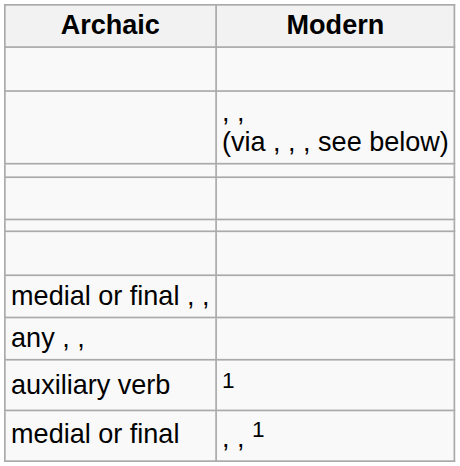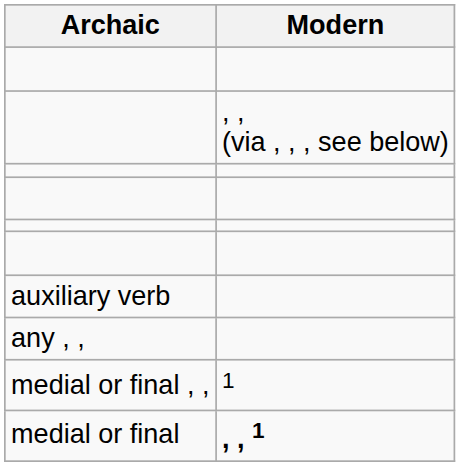 <table class="wikitable">
 <tr>
 <th>Archaic</th>
 <th>Modern</th>
 </tr>
 <tr>
 <td><br></td>
 <td></td>
 </tr>
 <tr>
 <td><br></td>
 <td>, , <br>(via , , , see below)</td>
 </tr>
 <tr>
 <td></td>
 <td></td>
 </tr>
 <tr>
 <td><br></td>
 <td></td>
 </tr>
 <tr>
 <td></td>
 <td></td>
 </tr>
 <tr>
 <td><br></td>
 <td></td>
 </tr>
 <tr>
-<td>medial or final , , </td>
+<td>auxiliary verb </td>
 <td></td>
 </tr>
 <tr>
 <td>any , , </td>
 <td></td>
 </tr>
 <tr>
-<td>auxiliary verb </td>
+<td>medial or final , , </td>
 <td><sup>1</sup></td>
 </tr>
 <tr>
 <td>medial or final </td>
-<td>, , <sup>1</sup></td>
+<td><strong>, , <sup>1</sup></strong></td>
 </tr>
 </table>
